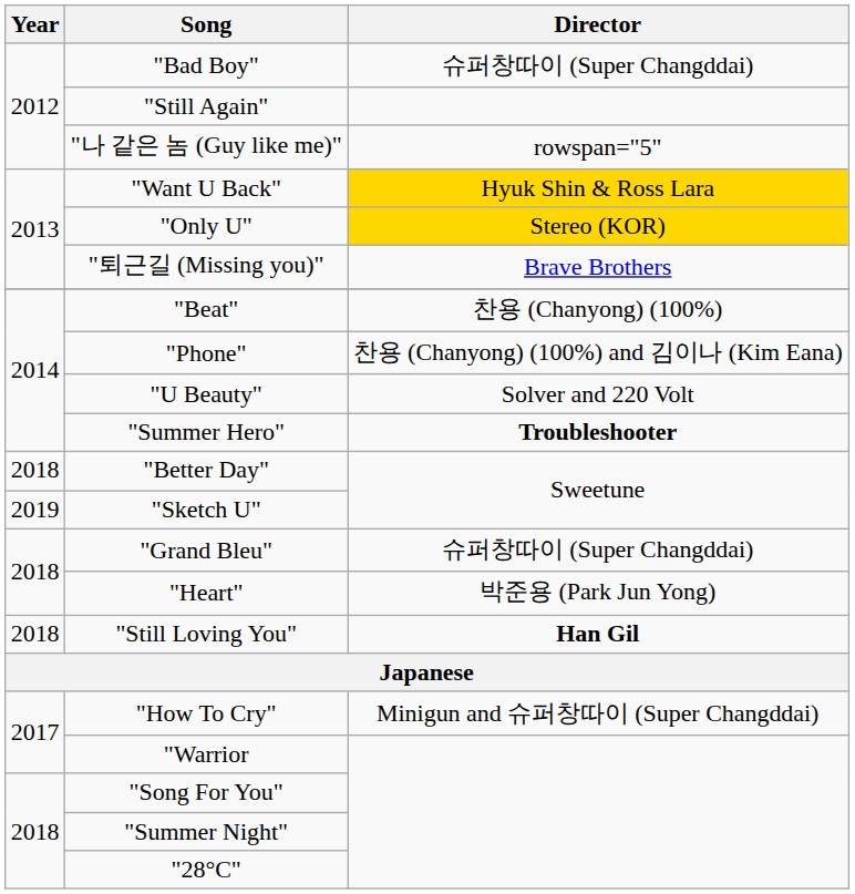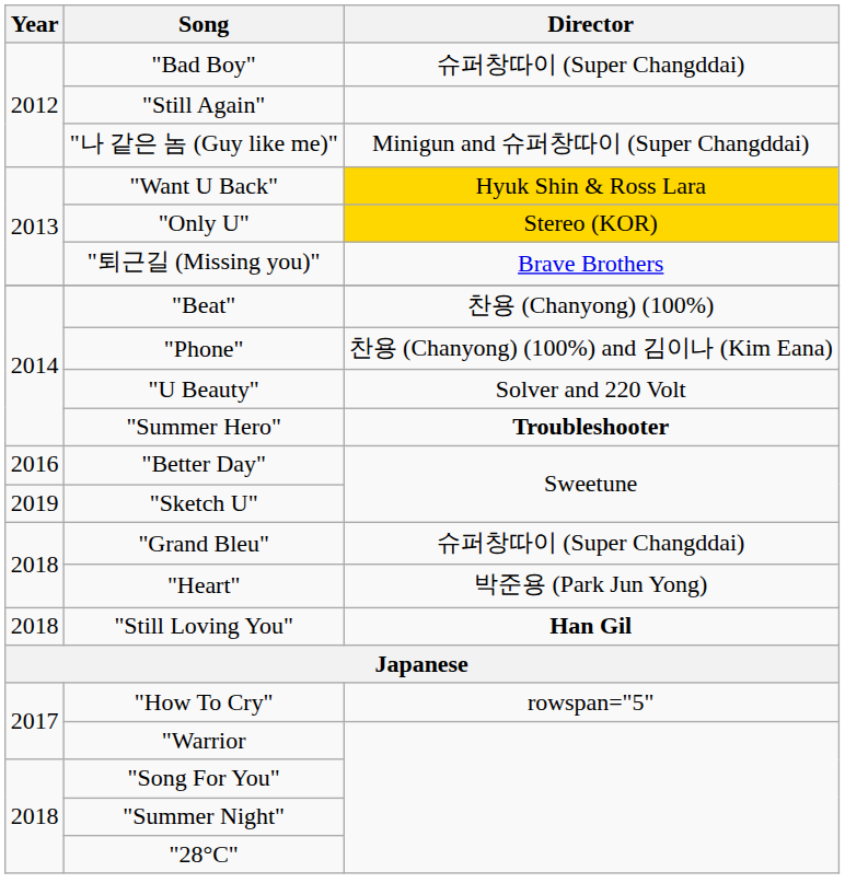 <table class="wikitable" style="text-align:center">
 <tr>
 <th scope="col">Year</th>
 <th scope="col">Song</th>
 <th scope="col">Director</th>
 </tr>
 <tr>
 <td rowspan="3">2012</td>
 <td>"Bad Boy"</td>
 <td>슈퍼창따이 (Super Changddai)</td>
 </tr>
 <tr>
 <td>"Still Again"</td>
 <td></td>
 </tr>
 <tr>
 <td>"나 같은 놈 (Guy like me)"</td>
-<td>rowspan="5"  </td>
+<td>Minigun and 슈퍼창따이 (Super Changddai)</td>
 </tr>
 <tr>
 <td rowspan="3">2013</td>
 <td>"Want U Back"</td>
 <td style="background: gold;">Hyuk Shin & Ross Lara</td>
 </tr>
 <tr>
 <td>"Only U"</td>
 <td style="background: gold;">Stereo (KOR)</td>
 </tr>
 <tr>
 <td>"퇴근길 (Missing you)"</td>
 <td><a href='#'>Brave Brothers</a></td>
 </tr>
 <tr>
 </tr>
 <tr>
 <td rowspan="4">2014</td>
 <td>"Beat"</td>
 <td>찬용 (Chanyong) (100%)</td>
 </tr>
 <tr>
 <td>"Phone"</td>
 <td>찬용 (Chanyong) (100%) and 김이나 (Kim Eana)</td>
 </tr>
 <tr>
 <td>"U Beauty"</td>
 <td>Solver and 220 Volt</td>
 </tr>
 <tr>
 <td>"Summer Hero"</td>
 <td><strong>Troubleshooter</strong></td>
 </tr>
 <tr>
-<td>2018</td>
+<td>2016</td>
 <td>"Better Day"</td>
 <td rowspan="2">Sweetune</td>
 </tr>
 <tr>
 <td>2019</td>
 <td>"Sketch U"</td>
 </tr>
 <tr>
 <td rowspan="2">2018</td>
 <td>"Grand Bleu"</td>
 <td>슈퍼창따이 (Super Changddai)</td>
 </tr>
 <tr>
 <td>"Heart"</td>
 <td>박준용 (Park Jun Yong)</td>
 </tr>
 <tr>
 <td>2018</td>
 <td>"Still Loving You"</td>
 <td><strong>Han Gil</strong></td>
 </tr>
 <tr>
 <th colspan="7">Japanese</th>
 </tr>
 <tr>
 <td rowspan="2">2017</td>
 <td>"How To Cry"</td>
-<td>Minigun and 슈퍼창따이 (Super Changddai)</td>
+<td>rowspan="5"  </td>
 </tr>
 <tr>
 <td>"Warrior</td>
 </tr>
 <tr>
 <td rowspan="3">2018</td>
 <td>"Song For You"</td>
 </tr>
 <tr>
 <td>"Summer Night"</td>
 </tr>
 <tr>
 <td>"28°C"</td>
 </tr>
 </table>
